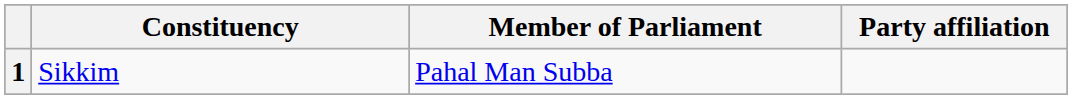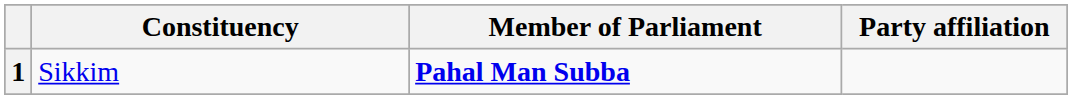 <table class="wikitable sortable">
 <tr style="text-align:center;">
 <th></th>
 <th style="width:13em">Constituency</th>
 <th style="width:15em">Member of Parliament</th>
 <th colspan="2" style="width:15em">Party affiliation</th>
 </tr>
 <tr>
 <th>1</th>
 <td><a href='#'>Sikkim</a></td>
-<td><a href='#'>Pahal Man Subba</a></td>
+<td><strong><a href='#'>Pahal Man Subba</a></strong></td>
 <td></td>
 </tr>
 </table>
